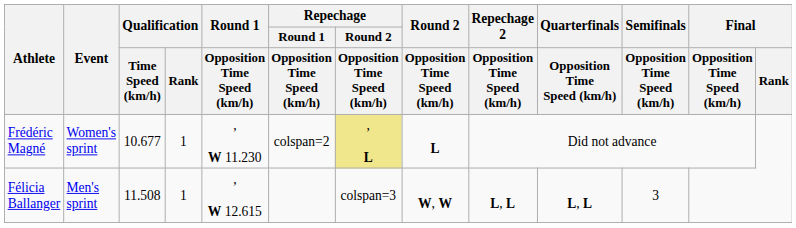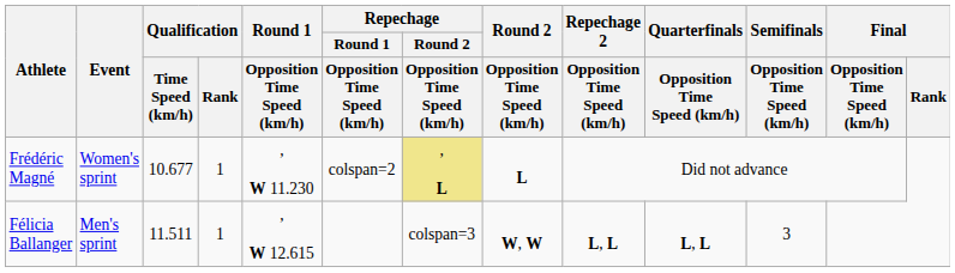 <table class="wikitable" style="font-size:90%">
 <tr>
 <th rowspan=3>Athlete</th>
 <th rowspan=3>Event</th>
 <th rowspan=2 colspan=2>Qualification</th>
 <th rowspan=2>Round 1</th>
 <th colspan=2>Repechage</th>
 <th rowspan=2>Round 2</th>
 <th rowspan=2>Repechage 2</th>
 <th rowspan=2>Quarterfinals</th>
 <th rowspan=2>Semifinals</th>
 <th rowspan=2 colspan=2>Final</th>
 </tr>
 <tr style="font-size:95%">
 <th>Round 1</th>
 <th>Round 2</th>
 </tr>
 <tr style="font-size:95%">
 <th>Time<br>Speed (km/h)</th>
 <th>Rank</th>
 <th>Opposition<br>Time<br>Speed (km/h)</th>
 <th>Opposition<br>Time<br>Speed (km/h)</th>
 <th>Opposition<br>Time<br>Speed (km/h)</th>
 <th>Opposition<br>Time<br>Speed (km/h)</th>
 <th>Opposition<br>Time<br>Speed (km/h)</th>
 <th>Opposition<br>Time<br>Speed (km/h)</th>
 <th>Opposition<br>Time<br>Speed (km/h)</th>
 <th>Opposition<br>Time<br>Speed (km/h)</th>
 <th>Rank</th>
 </tr>
 <tr align=center>
 <td align=left><a href='#'>Frédéric Magné</a></td>
 <td align=left><a href='#'>Women's sprint</a></td>
 <td>10.677</td>
 <td>1</td>
 <td>,<br><br><strong>W</strong> 11.230</td>
 <td>colspan=2</td>
 <td style="background: khaki;">,<br><br><strong>L</strong></td>
 <td><br><strong>L</strong></td>
 <td colspan=4>Did not advance</td>
 </tr>
 <tr align=center>
 <td align=left><a href='#'>Félicia Ballanger</a></td>
 <td align=left><a href='#'>Men's sprint</a></td>
-<td>11.508</td>
+<td>11.511</td>
 <td>1</td>
 <td>,<br><br><strong>W</strong> 12.615</td>
 <td></td>
 <td>colspan=3</td>
 <td><br><strong>W</strong>, <strong>W</strong></td>
 <td><br><strong>L</strong>, <strong>L</strong></td>
 <td><br><strong>L</strong>, <strong>L</strong></td>
 <td>3</td>
 </tr>
 </table>
